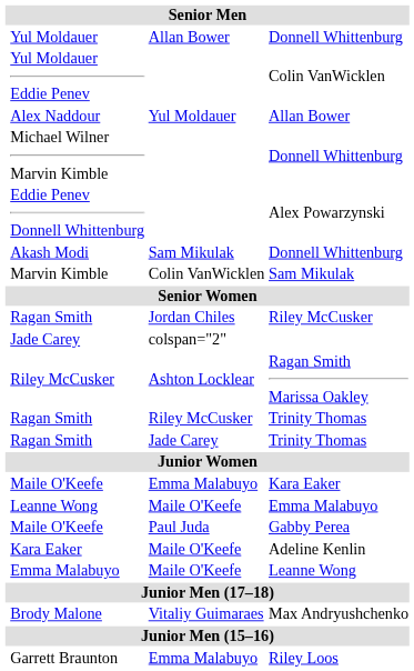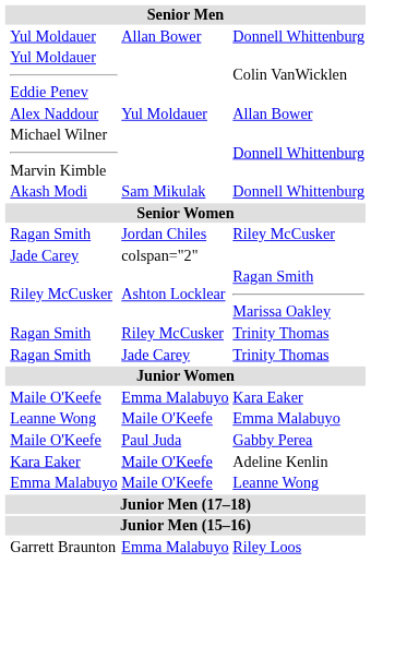 <table>
 <tr style="background:#dfdfdf;">
 <td colspan="4" style="text-align:center;"><strong>Senior Men</strong></td>
 </tr>
 <tr>
 <th scope=row style="text-align:left"></th>
 <td><a href='#'>Yul Moldauer</a></td>
 <td><a href='#'>Allan Bower</a></td>
 <td><a href='#'>Donnell Whittenburg</a></td>
 </tr>
 <tr>
 <th scope=row style="text-align:left"></th>
 <td><a href='#'>Yul Moldauer</a><hr><a href='#'>Eddie Penev</a></td>
 <td></td>
 <td>Colin VanWicklen</td>
 </tr>
 <tr>
 <th scope=row style="text-align:left"></th>
 <td><a href='#'>Alex Naddour</a></td>
 <td><a href='#'>Yul Moldauer</a></td>
 <td><a href='#'>Allan Bower</a></td>
 </tr>
 <tr>
 <th scope=row style="text-align:left"></th>
 <td>Michael Wilner<hr>Marvin Kimble</td>
 <td></td>
 <td><a href='#'>Donnell Whittenburg</a></td>
 </tr>
 <tr>
 <th scope=row style="text-align:left"></th>
-<td><a href='#'>Eddie Penev</a><hr><a href='#'>Donnell Whittenburg</a></td>
-<td></td>
-<td>Alex Powarzynski</td>
-</tr>
-<tr>
-<th scope=row style="text-align:left"></th>
 <td><a href='#'>Akash Modi</a></td>
 <td><a href='#'>Sam Mikulak</a></td>
 <td><a href='#'>Donnell Whittenburg</a></td>
-</tr>
-<tr>
-<th scope=row style="text-align:left"></th>
-<td>Marvin Kimble</td>
-<td>Colin VanWicklen</td>
-<td><a href='#'>Sam Mikulak</a></td>
 </tr>
 <tr style="background:#dfdfdf;">
 <td colspan="4" style="text-align:center;"><strong>Senior Women</strong></td>
 </tr>
 <tr>
 <th scope=row style="text-align:left"></th>
 <td><a href='#'>Ragan Smith</a></td>
 <td><a href='#'>Jordan Chiles</a></td>
 <td><a href='#'>Riley McCusker</a></td>
 </tr>
 <tr>
 <th scope=row style="text-align:left"></th>
 <td><a href='#'>Jade Carey</a></td>
 <td>colspan="2" </td>
 </tr>
 <tr>
 <th scope=row style="text-align:left"></th>
 <td><a href='#'>Riley McCusker</a></td>
 <td><a href='#'>Ashton Locklear</a></td>
 <td><a href='#'>Ragan Smith</a><hr><a href='#'>Marissa Oakley</a></td>
 </tr>
 <tr>
 <th scope=row style="text-align:left"></th>
 <td><a href='#'>Ragan Smith</a></td>
 <td><a href='#'>Riley McCusker</a></td>
 <td><a href='#'>Trinity Thomas</a></td>
 </tr>
 <tr>
 <th scope=row style="text-align:left"></th>
 <td><a href='#'>Ragan Smith</a></td>
 <td><a href='#'>Jade Carey</a></td>
 <td><a href='#'>Trinity Thomas</a></td>
 </tr>
 <tr style="background:#dfdfdf;">
 <td colspan="4" style="text-align:center;"><strong>Junior Women</strong></td>
 </tr>
 <tr>
 <th scope=row style="text-align:left"></th>
 <td><a href='#'>Maile O'Keefe</a></td>
 <td><a href='#'>Emma Malabuyo</a></td>
 <td><a href='#'>Kara Eaker</a></td>
 </tr>
 <tr>
 <th scope=row style="text-align:left"></th>
 <td><a href='#'>Leanne Wong</a></td>
 <td><a href='#'>Maile O'Keefe</a></td>
 <td><a href='#'>Emma Malabuyo</a></td>
 </tr>
 <tr>
 <th scope=row style="text-align:left"></th>
 <td><a href='#'>Maile O'Keefe</a></td>
 <td><a href='#'>Paul Juda</a></td>
 <td><a href='#'>Gabby Perea</a></td>
 </tr>
 <tr>
 <th scope=row style="text-align:left"></th>
 <td><a href='#'>Kara Eaker</a></td>
 <td><a href='#'>Maile O'Keefe</a></td>
 <td>Adeline Kenlin</td>
 </tr>
 <tr>
 <th scope=row style="text-align:left"></th>
 <td><a href='#'>Emma Malabuyo</a></td>
 <td><a href='#'>Maile O'Keefe</a></td>
 <td><a href='#'>Leanne Wong</a></td>
 </tr>
 <tr style="background:#dfdfdf;">
 <td colspan="4" style="text-align:center;"><strong>Junior Men (17–18)</strong></td>
 </tr>
-<tr>
-<th scope=row style="text-align:left"></th>
-<td><a href='#'>Brody Malone</a></td>
-<td><a href='#'>Vitaliy Guimaraes</a></td>
-<td>Max Andryushchenko</td>
-</tr>
 <tr style="background:#dfdfdf;">
 <td colspan="4" style="text-align:center;"><strong>Junior Men (15–16)</strong></td>
 </tr>
 <tr>
 <th scope=row style="text-align:left"></th>
 <td>Garrett Braunton</td>
 <td><a href='#'>Emma Malabuyo</a></td>
 <td><a href='#'>Riley Loos</a></td>
 </tr>
 </table>
